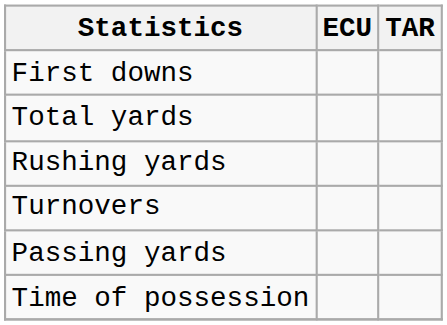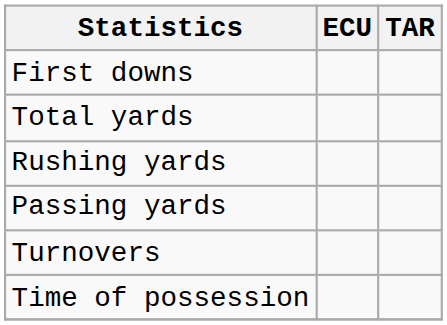 <table class="wikitable" style="float: left;">
 <tr>
 <th>Statistics</th>
 <th>ECU</th>
 <th>TAR</th>
 </tr>
 <tr>
 <td>First downs</td>
 <td></td>
 <td></td>
 </tr>
 <tr>
 <td>Total yards</td>
 <td></td>
 <td></td>
 </tr>
 <tr>
 <td>Rushing yards</td>
 <td></td>
 <td></td>
 </tr>
 <tr>
-<td>Turnovers</td>
+<td>Passing yards</td>
 <td></td>
 <td></td>
 </tr>
 <tr>
-<td>Passing yards</td>
+<td>Turnovers</td>
 <td></td>
 <td></td>
 </tr>
 <tr>
 <td>Time of possession</td>
 <td></td>
 <td></td>
 </tr>
 <tr>
 </tr>
 </table>
